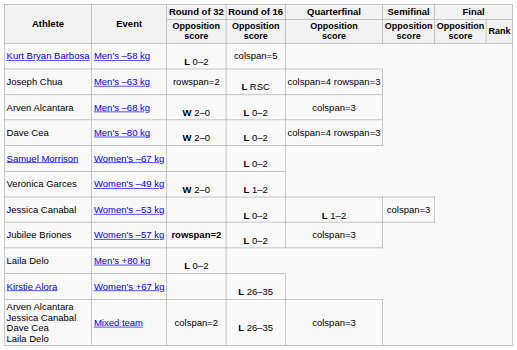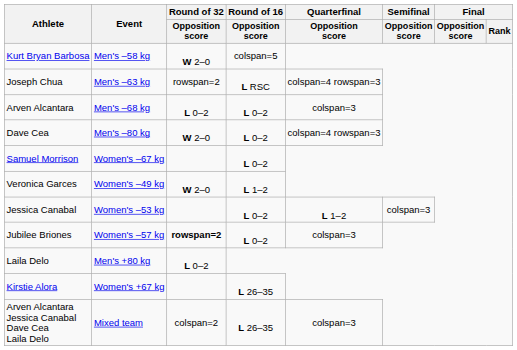 <table class=wikitable style="font-size:90%; text-align:center">
 <tr>
 <th rowspan=2>Athlete</th>
 <th rowspan=2>Event</th>
 <th>Round of 32</th>
 <th>Round of 16</th>
 <th>Quarterfinal</th>
 <th>Semifinal</th>
 <th colspan=2>Final</th>
 </tr>
 <tr style=font-size:95%>
 <th>Opposition<br>score</th>
 <th>Opposition<br>score</th>
 <th>Opposition<br>score</th>
 <th>Opposition<br>score</th>
 <th>Opposition<br>score</th>
 <th>Rank</th>
 </tr>
 <tr>
 <td align=left><a href='#'>Kurt Bryan Barbosa</a></td>
 <td align=left><a href='#'>Men's –58 kg</a></td>
-<td><br><strong>L</strong> 0–2</td>
+<td><br><strong>W</strong> 2–0</td>
 <td>colspan=5 </td>
 </tr>
 <tr>
 <td align=left>Joseph Chua</td>
 <td align=left><a href='#'>Men's –63 kg</a></td>
 <td>rowspan=2 </td>
 <td><br><strong>L</strong> RSC</td>
 <td>colspan=4 rowspan=3 </td>
 </tr>
 <tr>
 <td align=left>Arven Alcantara</td>
 <td align=left><a href='#'>Men's –68 kg</a></td>
-<td><br><strong>W</strong> 2–0</td>
+<td><br><strong>L</strong> 0–2</td>
 <td><br><strong>L</strong> 0–2</td>
 <td>colspan=3 </td>
 </tr>
 <tr>
 <td align=left>Dave Cea</td>
 <td align=left><a href='#'>Men's –80 kg</a></td>
 <td><br><strong>W</strong> 2–0</td>
 <td><br><strong>L</strong> 0–2</td>
 <td>colspan=4 rowspan=3 </td>
 </tr>
 <tr>
 <td align=left><a href='#'>Samuel Morrison</a></td>
 <td align=left><a href='#'>Women's –67 kg</a></td>
 <td></td>
 <td><br><strong>L</strong>  0–2</td>
 </tr>
 <tr>
 <td align=left>Veronica Garces</td>
 <td align=left><a href='#'>Women's –49 kg</a></td>
 <td><br><strong>W</strong>  2–0</td>
 <td><br><strong>L</strong>  1–2</td>
 </tr>
 <tr>
 <td align=left>Jessica Canabal</td>
 <td align=left><a href='#'>Women's –53 kg</a></td>
 <td></td>
 <td><br><strong>L</strong> 0–2</td>
 <td><br><strong>L</strong>  1–2</td>
 <td>colspan=3 </td>
 </tr>
 <tr>
 <td align=left>Jubilee Briones</td>
 <td align=left><a href='#'>Women's –57 kg</a></td>
 <td><strong>rowspan=2 </strong></td>
 <td><br><strong>L</strong>  0–2</td>
 <td>colspan=3 </td>
 </tr>
 <tr>
 <td align=left>Laila Delo</td>
 <td align=left><a href='#'>Men's +80 kg</a></td>
 <td><br><strong>L</strong> 0–2</td>
 </tr>
 <tr>
 <td align=left><a href='#'>Kirstie Alora</a></td>
 <td align=left><a href='#'>Women's +67 kg</a></td>
 <td></td>
 <td><br><strong>L</strong> 26–35</td>
 </tr>
 <tr>
 <td align=left>Arven Alcantara<br>Jessica Canabal<br>Dave Cea<br>Laila Delo</td>
 <td align=left><a href='#'>Mixed team</a></td>
 <td>colspan=2 </td>
 <td><br><strong>L</strong> 26–35</td>
 <td>colspan=3 </td>
 </tr>
 </table>
